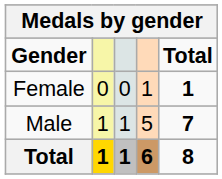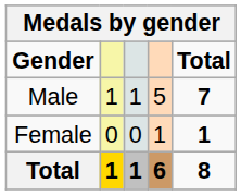 <table class=wikitable style="font-size:85%; float:right">
 <tr style="background:#efefef;">
 <th colspan=5><strong>Medals by gender</strong></th>
 </tr>
 <tr align=center>
 <td><strong>Gender</strong></td>
 <td style="background:#f7f6a8;"></td>
 <td style="background:#dce5e5;"></td>
 <td style="background:#ffdab9;"></td>
 <td><strong>Total</strong></td>
 </tr>
 <tr align=center>
+<td>Male</td>
+<td style="background:#F7F6A8;">1</td>
+<td style="background:#DCE5E5;">1</td>
+<td style="background:#FFDAB9;">5</td>
+<td><strong>7</strong></td>
+</tr>
+<tr align=center>
 <td>Female</td>
 <td style="background:#F7F6A8;">0</td>
 <td style="background:#DCE5E5;">0</td>
 <td style="background:#FFDAB9;">1</td>
 <td><strong>1</strong></td>
-</tr>
-<tr align=center>
-<td>Male</td>
-<td style="background:#F7F6A8;">1</td>
-<td style="background:#DCE5E5;">1</td>
-<td style="background:#FFDAB9;">5</td>
-<td><strong>7</strong></td>
 </tr>
 <tr align=center>
 <th><strong>Total</strong></th>
 <td style="background:gold;"><strong>1</strong></td>
 <td style="background:silver;"><strong>1</strong></td>
 <td style="background:#c96;"><strong>6</strong></td>
 <td><strong>8</strong></td>
 </tr>
 </table>
